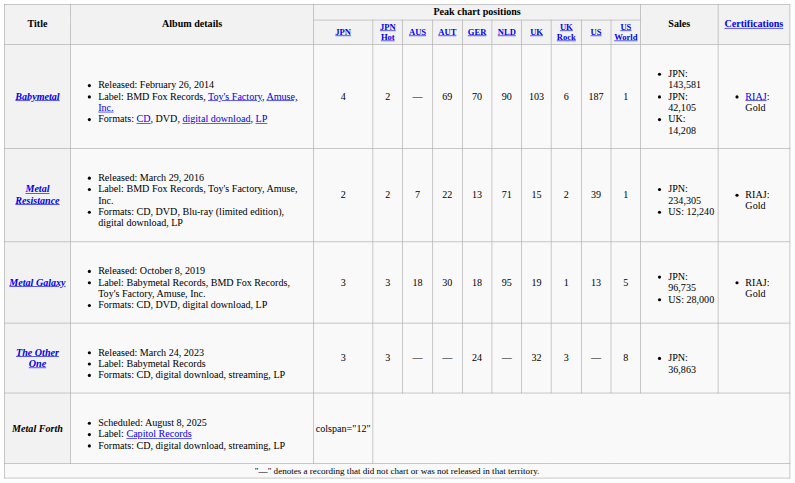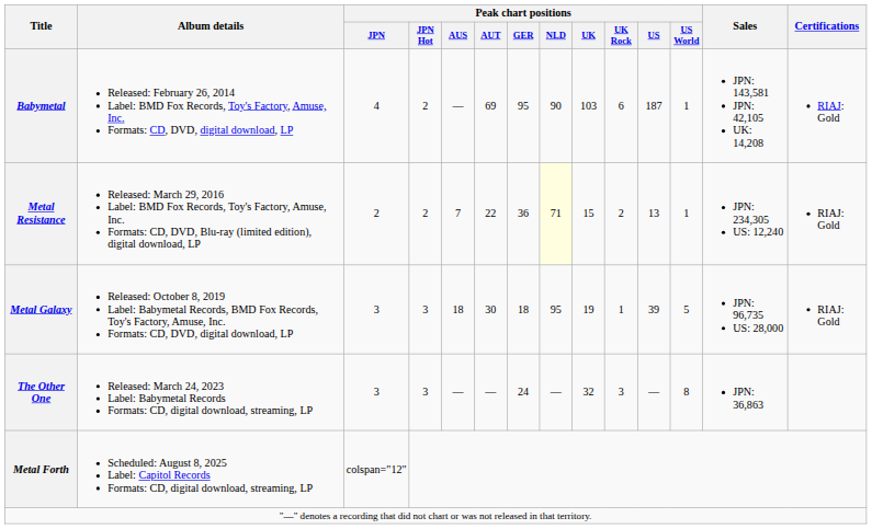 <table class="wikitable plainrowheaders">
 <tr>
 <th rowspan="2">Title</th>
 <th rowspan="2">Album details</th>
 <th colspan="10">Peak chart positions</th>
 <th rowspan="2">Sales</th>
 <th rowspan="2"><a href='#'>Certifications</a></th>
 </tr>
 <tr>
 <th style="width:3em;font-size:85%;"><a href='#'>JPN</a><br></th>
 <th style="width:3em;font-size:85%;"><a href='#'>JPN<br>Hot</a><br></th>
 <th style="width:3em;font-size:85%;"><a href='#'>AUS</a><br></th>
 <th style="width:3em;font-size:85%;"><a href='#'>AUT</a><br></th>
 <th style="width:3em;font-size:85%;"><a href='#'>GER</a><br></th>
 <th style="width:3em;font-size:85%;"><a href='#'>NLD</a><br></th>
 <th style="width:3em;font-size:85%;"><a href='#'>UK</a><br></th>
 <th style="width:3em;font-size:85%;"><a href='#'>UK Rock</a><br></th>
 <th style="width:3em;font-size:85%;"><a href='#'>US</a><br></th>
 <th style="width:3em;font-size:85%;"><a href='#'>US<br>World</a><br></th>
 </tr>
 <tr>
 <th scope="row"><em><a href='#'>Babymetal</a></em></th>
 <td><br><ul><li>Released: February 26, 2014 </li><li>Label: BMD Fox Records, <a href='#'>Toy's Factory</a>, <a href='#'>Amuse, Inc.</a></li><li>Formats: <a href='#'>CD</a>, DVD, <a href='#'>digital download</a>, <a href='#'>LP</a></li></ul></td>
 <td align="center">4</td>
 <td align="center">2</td>
 <td align="center">—</td>
 <td align="center">69</td>
-<td align="center">70</td>
+<td align="center">95</td>
 <td align="center">90</td>
 <td align="center">103</td>
 <td align="center">6</td>
 <td align="center">187</td>
 <td align="center">1</td>
 <td><br><ul><li>JPN: 143,581 </li><li>JPN: 42,105 </li><li>UK: 14,208</li></ul></td>
 <td><br><ul><li><a href='#'>RIAJ</a>: Gold</li></ul></td>
 </tr>
 <tr>
 <th scope="row"><em><a href='#'>Metal Resistance</a></em></th>
 <td><br><ul><li>Released: March 29, 2016 </li><li>Label: BMD Fox Records, Toy's Factory, Amuse, Inc.</li><li>Formats: CD, DVD, Blu-ray (limited edition), digital download, LP</li></ul></td>
 <td align="center">2</td>
 <td align="center">2</td>
 <td align="center">7</td>
 <td align="center">22</td>
-<td align="center">13</td>
-<td align="center">71</td>
+<td align="center">36</td>
+<td align="center" style="background: lightyellow;">71</td>
 <td align="center">15</td>
 <td align="center">2</td>
-<td align="center">39</td>
+<td align="center">13</td>
 <td align="center">1</td>
 <td><br><ul><li>JPN: 234,305</li><li>US: 12,240</li></ul></td>
 <td><br><ul><li>RIAJ: Gold</li></ul></td>
 </tr>
 <tr>
 <th scope="row"><em><a href='#'>Metal Galaxy</a></em></th>
 <td><br><ul><li>Released: October 8, 2019 </li><li>Label: Babymetal Records, BMD Fox Records, Toy's Factory, Amuse, Inc.</li><li>Formats: CD, DVD, digital download, LP</li></ul></td>
 <td align="center">3</td>
 <td align="center">3</td>
 <td align="center">18</td>
 <td align="center">30</td>
 <td align="center">18</td>
 <td align="center">95</td>
 <td align="center">19</td>
 <td align="center">1</td>
-<td align="center">13</td>
+<td align="center">39</td>
 <td align="center">5</td>
 <td><br><ul><li>JPN: 96,735</li><li>US: 28,000</li></ul></td>
 <td><br><ul><li>RIAJ: Gold</li></ul></td>
 </tr>
 <tr>
 <th scope="row"><em><a href='#'>The Other One</a></em></th>
 <td><br><ul><li>Released: March 24, 2023</li><li>Label: Babymetal Records</li><li>Formats: CD, digital download, streaming, LP</li></ul></td>
 <td align="center">3</td>
 <td align="center">3</td>
 <td align="center">—</td>
 <td align="center">—</td>
 <td align="center">24</td>
 <td align="center">—</td>
 <td align="center">32</td>
 <td align="center">3</td>
 <td align="center">—</td>
 <td align="center">8</td>
 <td><br><ul><li>JPN: 36,863</li></ul></td>
 <td></td>
 </tr>
 <tr>
 <th scope="row"><em>Metal Forth</em></th>
 <td><br><ul><li>Scheduled: August 8, 2025</li><li>Label: <a href='#'>Capitol Records</a></li><li>Formats: CD, digital download, streaming, LP</li></ul></td>
 <td>colspan="12" </td>
 </tr>
 <tr>
 <td align="center" colspan="14" style="font-size:90%">"—" denotes a recording that did not chart or was not released in that territory.</td>
 </tr>
 </table>
